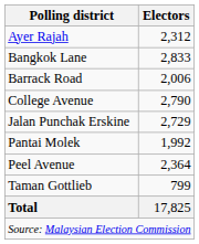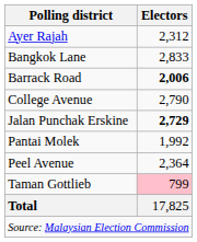 <table class="wikitable sortable">
 <tr>
 <th>Polling district</th>
 <th>Electors</th>
 </tr>
 <tr>
 <td><a href='#'>Ayer Rajah</a></td>
 <td align="right">2,312</td>
 </tr>
 <tr>
 <td>Bangkok Lane</td>
 <td align="right">2,833</td>
 </tr>
 <tr>
 <td>Barrack Road</td>
-<td align="right">2,006</td>
+<td align="right"><strong>2,006</strong></td>
 </tr>
 <tr>
 <td>College Avenue</td>
 <td align="right">2,790</td>
 </tr>
 <tr>
 <td>Jalan Punchak Erskine</td>
-<td align="right">2,729</td>
+<td align="right"><strong>2,729</strong></td>
 </tr>
 <tr>
 <td>Pantai Molek</td>
 <td align="right">1,992</td>
 </tr>
 <tr>
 <td>Peel Avenue</td>
 <td align="right">2,364</td>
 </tr>
 <tr>
 <td>Taman Gottlieb</td>
-<td align="right">799</td>
+<td align="right" style="background: pink;">799</td>
 </tr>
 <tr>
 <td style="background: #f2f2f2"><strong>Total</strong></td>
 <td style="background: #f2f2f2" align="right">17,825</td>
 </tr>
 <tr>
 <td colspan="2"  align="right"><small><em>Source: <a href='#'>Malaysian Election Commission</a></em></small></td>
 </tr>
 </table>
